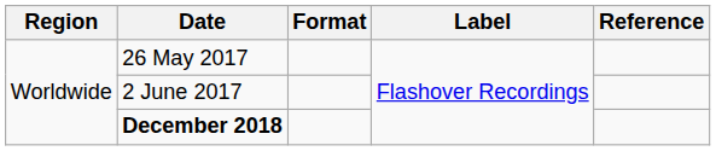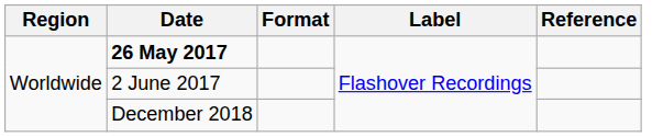 <table class="wikitable">
 <tr>
 <th>Region</th>
 <th>Date</th>
 <th>Format</th>
 <th>Label</th>
 <th>Reference</th>
 </tr>
 <tr>
 <td rowspan="3">Worldwide</td>
-<td>26 May 2017</td>
+<td><strong>26 May 2017</strong></td>
 <td></td>
 <td rowspan="3"><a href='#'>Flashover Recordings</a></td>
 <td></td>
 </tr>
 <tr>
 <td>2 June 2017</td>
 <td></td>
 <td></td>
 </tr>
 <tr>
-<td><strong>December 2018</strong></td>
+<td>December 2018</td>
 <td></td>
 <td></td>
 </tr>
 </table>
